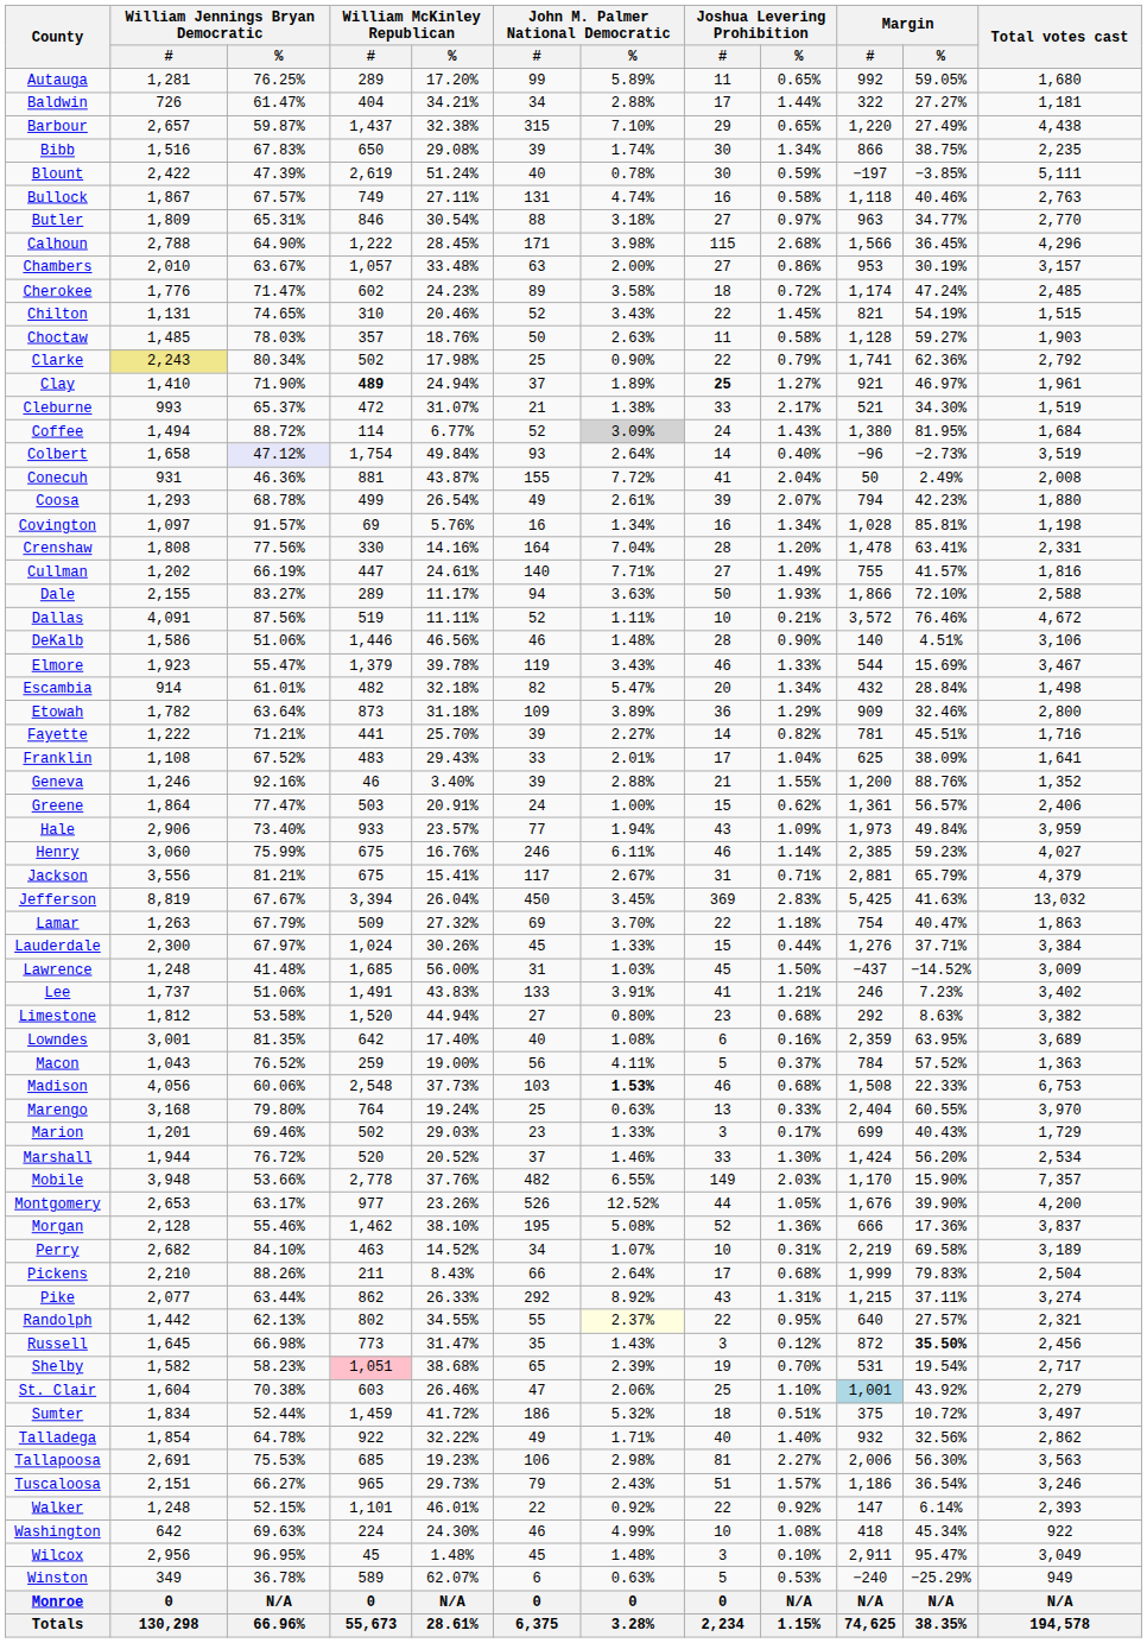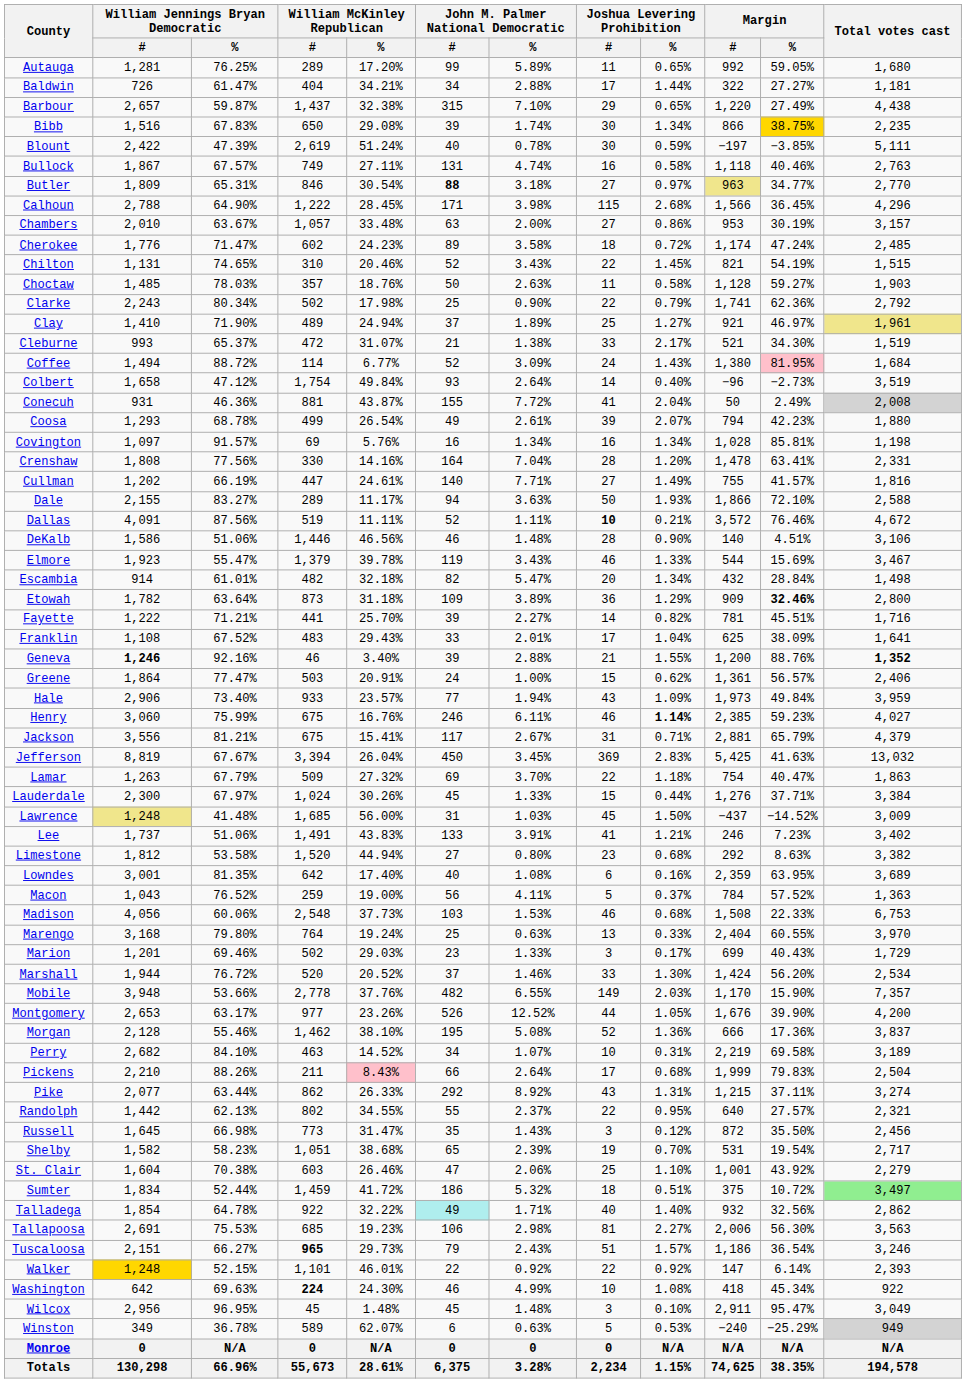 <table width="65%"  class="wikitable sortable" style="text-align:center">
 <tr>
 <th colspan="1" rowspan="2">County</th>
 <th style="text-align:center;" colspan="2">William Jennings Bryan<br>Democratic</th>
 <th style="text-align:centre;" colspan="2">William McKinley<br>Republican</th>
 <th style="text-align:center;" colspan="2">John M. Palmer<br>National Democratic</th>
 <th style="text-align:center;" colspan="2">Joshua Levering<br>Prohibition</th>
 <th style="text-align:center;" colspan="2">Margin</th>
 <th colspan="1" rowspan="2" style="text-align:center;">Total votes cast</th>
 </tr>
 <tr>
 <th style="text-align:center;" data-sort-type="number">#</th>
 <th style="text-align:center;" data-sort-type="number">%</th>
 <th style="text-align:center;" data-sort-type="number">#</th>
 <th style="text-align:center;" data-sort-type="number">%</th>
 <th style="text-align:center;" data-sort-type="number">#</th>
 <th style="text-align:center;" data-sort-type="number">%</th>
 <th style="text-align:center;" data-sort-type="number">#</th>
 <th style="text-align:center;" data-sort-type="number">%</th>
 <th style="text-align:center;" data-sort-type="number">#</th>
 <th style="text-align:center;" data-sort-type="number">%</th>
 </tr>
 <tr style="text-align:center;">
 <td><a href='#'>Autauga</a></td>
 <td>1,281</td>
 <td>76.25%</td>
 <td>289</td>
 <td>17.20%</td>
 <td>99</td>
 <td>5.89%</td>
 <td>11</td>
 <td>0.65%</td>
 <td>992</td>
 <td>59.05%</td>
 <td>1,680</td>
 </tr>
 <tr style="text-align:center;">
 <td><a href='#'>Baldwin</a></td>
 <td>726</td>
 <td>61.47%</td>
 <td>404</td>
 <td>34.21%</td>
 <td>34</td>
 <td>2.88%</td>
 <td>17</td>
 <td>1.44%</td>
 <td>322</td>
 <td>27.27%</td>
 <td>1,181</td>
 </tr>
 <tr style="text-align:center;">
 <td><a href='#'>Barbour</a></td>
 <td>2,657</td>
 <td>59.87%</td>
 <td>1,437</td>
 <td>32.38%</td>
 <td>315</td>
 <td>7.10%</td>
 <td>29</td>
 <td>0.65%</td>
 <td>1,220</td>
 <td>27.49%</td>
 <td>4,438</td>
 </tr>
 <tr style="text-align:center;">
 <td><a href='#'>Bibb</a></td>
 <td>1,516</td>
 <td>67.83%</td>
 <td>650</td>
 <td>29.08%</td>
 <td>39</td>
 <td>1.74%</td>
 <td>30</td>
 <td>1.34%</td>
 <td>866</td>
-<td>38.75%</td>
+<td style="background: gold;">38.75%</td>
 <td>2,235</td>
 </tr>
 <tr style="text-align:center;">
 <td><a href='#'>Blount</a></td>
 <td>2,422</td>
 <td>47.39%</td>
 <td>2,619</td>
 <td>51.24%</td>
 <td>40</td>
 <td>0.78%</td>
 <td>30</td>
 <td>0.59%</td>
 <td>−197</td>
 <td>−3.85%</td>
 <td>5,111</td>
 </tr>
 <tr style="text-align:center;">
 <td><a href='#'>Bullock</a></td>
 <td>1,867</td>
 <td>67.57%</td>
 <td>749</td>
 <td>27.11%</td>
 <td>131</td>
 <td>4.74%</td>
 <td>16</td>
 <td>0.58%</td>
 <td>1,118</td>
 <td>40.46%</td>
 <td>2,763</td>
 </tr>
 <tr style="text-align:center;">
 <td><a href='#'>Butler</a></td>
 <td>1,809</td>
 <td>65.31%</td>
 <td>846</td>
 <td>30.54%</td>
-<td>88</td>
+<td><strong>88</strong></td>
 <td>3.18%</td>
 <td>27</td>
 <td>0.97%</td>
-<td>963</td>
+<td style="background: khaki;">963</td>
 <td>34.77%</td>
 <td>2,770</td>
 </tr>
 <tr style="text-align:center;">
 <td><a href='#'>Calhoun</a></td>
 <td>2,788</td>
 <td>64.90%</td>
 <td>1,222</td>
 <td>28.45%</td>
 <td>171</td>
 <td>3.98%</td>
 <td>115</td>
 <td>2.68%</td>
 <td>1,566</td>
 <td>36.45%</td>
 <td>4,296</td>
 </tr>
 <tr style="text-align:center;">
 <td><a href='#'>Chambers</a></td>
 <td>2,010</td>
 <td>63.67%</td>
 <td>1,057</td>
 <td>33.48%</td>
 <td>63</td>
 <td>2.00%</td>
 <td>27</td>
 <td>0.86%</td>
 <td>953</td>
 <td>30.19%</td>
 <td>3,157</td>
 </tr>
 <tr style="text-align:center;">
 <td><a href='#'>Cherokee</a></td>
 <td>1,776</td>
 <td>71.47%</td>
 <td>602</td>
 <td>24.23%</td>
 <td>89</td>
 <td>3.58%</td>
 <td>18</td>
 <td>0.72%</td>
 <td>1,174</td>
 <td>47.24%</td>
 <td>2,485</td>
 </tr>
 <tr style="text-align:center;">
 <td><a href='#'>Chilton</a></td>
 <td>1,131</td>
 <td>74.65%</td>
 <td>310</td>
 <td>20.46%</td>
 <td>52</td>
 <td>3.43%</td>
 <td>22</td>
 <td>1.45%</td>
 <td>821</td>
 <td>54.19%</td>
 <td>1,515</td>
 </tr>
 <tr style="text-align:center;">
 <td><a href='#'>Choctaw</a></td>
 <td>1,485</td>
 <td>78.03%</td>
 <td>357</td>
 <td>18.76%</td>
 <td>50</td>
 <td>2.63%</td>
 <td>11</td>
 <td>0.58%</td>
 <td>1,128</td>
 <td>59.27%</td>
 <td>1,903</td>
 </tr>
 <tr style="text-align:center;">
 <td><a href='#'>Clarke</a></td>
-<td style="background: khaki;">2,243</td>
+<td>2,243</td>
 <td>80.34%</td>
 <td>502</td>
 <td>17.98%</td>
 <td>25</td>
 <td>0.90%</td>
 <td>22</td>
 <td>0.79%</td>
 <td>1,741</td>
 <td>62.36%</td>
 <td>2,792</td>
 </tr>
 <tr style="text-align:center;">
 <td><a href='#'>Clay</a></td>
 <td>1,410</td>
 <td>71.90%</td>
-<td><strong>489</strong></td>
+<td>489</td>
 <td>24.94%</td>
 <td>37</td>
 <td>1.89%</td>
-<td><strong>25</strong></td>
+<td>25</td>
 <td>1.27%</td>
 <td>921</td>
 <td>46.97%</td>
-<td>1,961</td>
+<td style="background: khaki;">1,961</td>
 </tr>
 <tr style="text-align:center;">
 <td><a href='#'>Cleburne</a></td>
 <td>993</td>
 <td>65.37%</td>
 <td>472</td>
 <td>31.07%</td>
 <td>21</td>
 <td>1.38%</td>
 <td>33</td>
 <td>2.17%</td>
 <td>521</td>
 <td>34.30%</td>
 <td>1,519</td>
 </tr>
 <tr style="text-align:center;">
 <td><a href='#'>Coffee</a></td>
 <td>1,494</td>
 <td>88.72%</td>
 <td>114</td>
 <td>6.77%</td>
 <td>52</td>
-<td style="background: lightgrey;">3.09%</td>
+<td>3.09%</td>
 <td>24</td>
 <td>1.43%</td>
 <td>1,380</td>
-<td>81.95%</td>
+<td style="background: pink;">81.95%</td>
 <td>1,684</td>
 </tr>
 <tr style="text-align:center;">
 <td><a href='#'>Colbert</a></td>
 <td>1,658</td>
-<td style="background: lavender;">47.12%</td>
+<td>47.12%</td>
 <td>1,754</td>
 <td>49.84%</td>
 <td>93</td>
 <td>2.64%</td>
 <td>14</td>
 <td>0.40%</td>
 <td>−96</td>
 <td>−2.73%</td>
 <td>3,519</td>
 </tr>
 <tr style="text-align:center;">
 <td><a href='#'>Conecuh</a></td>
 <td>931</td>
 <td>46.36%</td>
 <td>881</td>
 <td>43.87%</td>
 <td>155</td>
 <td>7.72%</td>
 <td>41</td>
 <td>2.04%</td>
 <td>50</td>
 <td>2.49%</td>
-<td>2,008</td>
+<td style="background: lightgrey;">2,008</td>
 </tr>
 <tr style="text-align:center;">
 <td><a href='#'>Coosa</a></td>
 <td>1,293</td>
 <td>68.78%</td>
 <td>499</td>
 <td>26.54%</td>
 <td>49</td>
 <td>2.61%</td>
 <td>39</td>
 <td>2.07%</td>
 <td>794</td>
 <td>42.23%</td>
 <td>1,880</td>
 </tr>
 <tr style="text-align:center;">
 <td><a href='#'>Covington</a></td>
 <td>1,097</td>
 <td>91.57%</td>
 <td>69</td>
 <td>5.76%</td>
 <td>16</td>
 <td>1.34%</td>
 <td>16</td>
 <td>1.34%</td>
 <td>1,028</td>
 <td>85.81%</td>
 <td>1,198</td>
 </tr>
 <tr style="text-align:center;">
 <td><a href='#'>Crenshaw</a></td>
 <td>1,808</td>
 <td>77.56%</td>
 <td>330</td>
 <td>14.16%</td>
 <td>164</td>
 <td>7.04%</td>
 <td>28</td>
 <td>1.20%</td>
 <td>1,478</td>
 <td>63.41%</td>
 <td>2,331</td>
 </tr>
 <tr style="text-align:center;">
 <td><a href='#'>Cullman</a></td>
 <td>1,202</td>
 <td>66.19%</td>
 <td>447</td>
 <td>24.61%</td>
 <td>140</td>
 <td>7.71%</td>
 <td>27</td>
 <td>1.49%</td>
 <td>755</td>
 <td>41.57%</td>
 <td>1,816</td>
 </tr>
 <tr style="text-align:center;">
 <td><a href='#'>Dale</a></td>
 <td>2,155</td>
 <td>83.27%</td>
 <td>289</td>
 <td>11.17%</td>
 <td>94</td>
 <td>3.63%</td>
 <td>50</td>
 <td>1.93%</td>
 <td>1,866</td>
 <td>72.10%</td>
 <td>2,588</td>
 </tr>
 <tr style="text-align:center;">
 <td><a href='#'>Dallas</a></td>
 <td>4,091</td>
 <td>87.56%</td>
 <td>519</td>
 <td>11.11%</td>
 <td>52</td>
 <td>1.11%</td>
-<td>10</td>
+<td><strong>10</strong></td>
 <td>0.21%</td>
 <td>3,572</td>
 <td>76.46%</td>
 <td>4,672</td>
 </tr>
 <tr style="text-align:center;">
 <td><a href='#'>DeKalb</a></td>
 <td>1,586</td>
 <td>51.06%</td>
 <td>1,446</td>
 <td>46.56%</td>
 <td>46</td>
 <td>1.48%</td>
 <td>28</td>
 <td>0.90%</td>
 <td>140</td>
 <td>4.51%</td>
 <td>3,106</td>
 </tr>
 <tr style="text-align:center;">
 <td><a href='#'>Elmore</a></td>
 <td>1,923</td>
 <td>55.47%</td>
 <td>1,379</td>
 <td>39.78%</td>
 <td>119</td>
 <td>3.43%</td>
 <td>46</td>
 <td>1.33%</td>
 <td>544</td>
 <td>15.69%</td>
 <td>3,467</td>
 </tr>
 <tr style="text-align:center;">
 <td><a href='#'>Escambia</a></td>
 <td>914</td>
 <td>61.01%</td>
 <td>482</td>
 <td>32.18%</td>
 <td>82</td>
 <td>5.47%</td>
 <td>20</td>
 <td>1.34%</td>
 <td>432</td>
 <td>28.84%</td>
 <td>1,498</td>
 </tr>
 <tr style="text-align:center;">
 <td><a href='#'>Etowah</a></td>
 <td>1,782</td>
 <td>63.64%</td>
 <td>873</td>
 <td>31.18%</td>
 <td>109</td>
 <td>3.89%</td>
 <td>36</td>
 <td>1.29%</td>
 <td>909</td>
-<td>32.46%</td>
+<td><strong>32.46%</strong></td>
 <td>2,800</td>
 </tr>
 <tr style="text-align:center;">
 <td><a href='#'>Fayette</a></td>
 <td>1,222</td>
 <td>71.21%</td>
 <td>441</td>
 <td>25.70%</td>
 <td>39</td>
 <td>2.27%</td>
 <td>14</td>
 <td>0.82%</td>
 <td>781</td>
 <td>45.51%</td>
 <td>1,716</td>
 </tr>
 <tr style="text-align:center;">
 <td><a href='#'>Franklin</a></td>
 <td>1,108</td>
 <td>67.52%</td>
 <td>483</td>
 <td>29.43%</td>
 <td>33</td>
 <td>2.01%</td>
 <td>17</td>
 <td>1.04%</td>
 <td>625</td>
 <td>38.09%</td>
 <td>1,641</td>
 </tr>
 <tr style="text-align:center;">
 <td><a href='#'>Geneva</a></td>
-<td>1,246</td>
+<td><strong>1,246</strong></td>
 <td>92.16%</td>
 <td>46</td>
 <td>3.40%</td>
 <td>39</td>
 <td>2.88%</td>
 <td>21</td>
 <td>1.55%</td>
 <td>1,200</td>
 <td>88.76%</td>
-<td>1,352</td>
+<td><strong>1,352</strong></td>
 </tr>
 <tr style="text-align:center;">
 <td><a href='#'>Greene</a></td>
 <td>1,864</td>
 <td>77.47%</td>
 <td>503</td>
 <td>20.91%</td>
 <td>24</td>
 <td>1.00%</td>
 <td>15</td>
 <td>0.62%</td>
 <td>1,361</td>
 <td>56.57%</td>
 <td>2,406</td>
 </tr>
 <tr style="text-align:center;">
 <td><a href='#'>Hale</a></td>
 <td>2,906</td>
 <td>73.40%</td>
 <td>933</td>
 <td>23.57%</td>
 <td>77</td>
 <td>1.94%</td>
 <td>43</td>
 <td>1.09%</td>
 <td>1,973</td>
 <td>49.84%</td>
 <td>3,959</td>
 </tr>
 <tr style="text-align:center;">
 <td><a href='#'>Henry</a></td>
 <td>3,060</td>
 <td>75.99%</td>
 <td>675</td>
 <td>16.76%</td>
 <td>246</td>
 <td>6.11%</td>
 <td>46</td>
-<td>1.14%</td>
+<td><strong>1.14%</strong></td>
 <td>2,385</td>
 <td>59.23%</td>
 <td>4,027</td>
 </tr>
 <tr style="text-align:center;">
 <td><a href='#'>Jackson</a></td>
 <td>3,556</td>
 <td>81.21%</td>
 <td>675</td>
 <td>15.41%</td>
 <td>117</td>
 <td>2.67%</td>
 <td>31</td>
 <td>0.71%</td>
 <td>2,881</td>
 <td>65.79%</td>
 <td>4,379</td>
 </tr>
 <tr style="text-align:center;">
 <td><a href='#'>Jefferson</a></td>
 <td>8,819</td>
 <td>67.67%</td>
 <td>3,394</td>
 <td>26.04%</td>
 <td>450</td>
 <td>3.45%</td>
 <td>369</td>
 <td>2.83%</td>
 <td>5,425</td>
 <td>41.63%</td>
 <td>13,032</td>
 </tr>
 <tr style="text-align:center;">
 <td><a href='#'>Lamar</a></td>
 <td>1,263</td>
 <td>67.79%</td>
 <td>509</td>
 <td>27.32%</td>
 <td>69</td>
 <td>3.70%</td>
 <td>22</td>
 <td>1.18%</td>
 <td>754</td>
 <td>40.47%</td>
 <td>1,863</td>
 </tr>
 <tr style="text-align:center;">
 <td><a href='#'>Lauderdale</a></td>
 <td>2,300</td>
 <td>67.97%</td>
 <td>1,024</td>
 <td>30.26%</td>
 <td>45</td>
 <td>1.33%</td>
 <td>15</td>
 <td>0.44%</td>
 <td>1,276</td>
 <td>37.71%</td>
 <td>3,384</td>
 </tr>
 <tr style="text-align:center;">
 <td><a href='#'>Lawrence</a></td>
-<td>1,248</td>
+<td style="background: khaki;">1,248</td>
 <td>41.48%</td>
 <td>1,685</td>
 <td>56.00%</td>
 <td>31</td>
 <td>1.03%</td>
 <td>45</td>
 <td>1.50%</td>
 <td>−437</td>
 <td>−14.52%</td>
 <td>3,009</td>
 </tr>
 <tr style="text-align:center;">
 <td><a href='#'>Lee</a></td>
 <td>1,737</td>
 <td>51.06%</td>
 <td>1,491</td>
 <td>43.83%</td>
 <td>133</td>
 <td>3.91%</td>
 <td>41</td>
 <td>1.21%</td>
 <td>246</td>
 <td>7.23%</td>
 <td>3,402</td>
 </tr>
 <tr style="text-align:center;">
 <td><a href='#'>Limestone</a></td>
 <td>1,812</td>
 <td>53.58%</td>
 <td>1,520</td>
 <td>44.94%</td>
 <td>27</td>
 <td>0.80%</td>
 <td>23</td>
 <td>0.68%</td>
 <td>292</td>
 <td>8.63%</td>
 <td>3,382</td>
 </tr>
 <tr style="text-align:center;">
 <td><a href='#'>Lowndes</a></td>
 <td>3,001</td>
 <td>81.35%</td>
 <td>642</td>
 <td>17.40%</td>
 <td>40</td>
 <td>1.08%</td>
 <td>6</td>
 <td>0.16%</td>
 <td>2,359</td>
 <td>63.95%</td>
 <td>3,689</td>
 </tr>
 <tr style="text-align:center;">
 <td><a href='#'>Macon</a></td>
 <td>1,043</td>
 <td>76.52%</td>
 <td>259</td>
 <td>19.00%</td>
 <td>56</td>
 <td>4.11%</td>
 <td>5</td>
 <td>0.37%</td>
 <td>784</td>
 <td>57.52%</td>
 <td>1,363</td>
 </tr>
 <tr style="text-align:center;">
 <td><a href='#'>Madison</a></td>
 <td>4,056</td>
 <td>60.06%</td>
 <td>2,548</td>
 <td>37.73%</td>
 <td>103</td>
-<td><strong>1.53%</strong></td>
+<td>1.53%</td>
 <td>46</td>
 <td>0.68%</td>
 <td>1,508</td>
 <td>22.33%</td>
 <td>6,753</td>
 </tr>
 <tr style="text-align:center;">
 <td><a href='#'>Marengo</a></td>
 <td>3,168</td>
 <td>79.80%</td>
 <td>764</td>
 <td>19.24%</td>
 <td>25</td>
 <td>0.63%</td>
 <td>13</td>
 <td>0.33%</td>
 <td>2,404</td>
 <td>60.55%</td>
 <td>3,970</td>
 </tr>
 <tr style="text-align:center;">
 <td><a href='#'>Marion</a></td>
 <td>1,201</td>
 <td>69.46%</td>
 <td>502</td>
 <td>29.03%</td>
 <td>23</td>
 <td>1.33%</td>
 <td>3</td>
 <td>0.17%</td>
 <td>699</td>
 <td>40.43%</td>
 <td>1,729</td>
 </tr>
 <tr style="text-align:center;">
 <td><a href='#'>Marshall</a></td>
 <td>1,944</td>
 <td>76.72%</td>
 <td>520</td>
 <td>20.52%</td>
 <td>37</td>
 <td>1.46%</td>
 <td>33</td>
 <td>1.30%</td>
 <td>1,424</td>
 <td>56.20%</td>
 <td>2,534</td>
 </tr>
 <tr style="text-align:center;">
 <td><a href='#'>Mobile</a></td>
 <td>3,948</td>
 <td>53.66%</td>
 <td>2,778</td>
 <td>37.76%</td>
 <td>482</td>
 <td>6.55%</td>
 <td>149</td>
 <td>2.03%</td>
 <td>1,170</td>
 <td>15.90%</td>
 <td>7,357</td>
 </tr>
 <tr style="text-align:center;">
 <td><a href='#'>Montgomery</a></td>
 <td>2,653</td>
 <td>63.17%</td>
 <td>977</td>
 <td>23.26%</td>
 <td>526</td>
 <td>12.52%</td>
 <td>44</td>
 <td>1.05%</td>
 <td>1,676</td>
 <td>39.90%</td>
 <td>4,200</td>
 </tr>
 <tr style="text-align:center;">
 <td><a href='#'>Morgan</a></td>
 <td>2,128</td>
 <td>55.46%</td>
 <td>1,462</td>
 <td>38.10%</td>
 <td>195</td>
 <td>5.08%</td>
 <td>52</td>
 <td>1.36%</td>
 <td>666</td>
 <td>17.36%</td>
 <td>3,837</td>
 </tr>
 <tr style="text-align:center;">
 <td><a href='#'>Perry</a></td>
 <td>2,682</td>
 <td>84.10%</td>
 <td>463</td>
 <td>14.52%</td>
 <td>34</td>
 <td>1.07%</td>
 <td>10</td>
 <td>0.31%</td>
 <td>2,219</td>
 <td>69.58%</td>
 <td>3,189</td>
 </tr>
 <tr style="text-align:center;">
 <td><a href='#'>Pickens</a></td>
 <td>2,210</td>
 <td>88.26%</td>
 <td>211</td>
-<td>8.43%</td>
+<td style="background: pink;">8.43%</td>
 <td>66</td>
 <td>2.64%</td>
 <td>17</td>
 <td>0.68%</td>
 <td>1,999</td>
 <td>79.83%</td>
 <td>2,504</td>
 </tr>
 <tr style="text-align:center;">
 <td><a href='#'>Pike</a></td>
 <td>2,077</td>
 <td>63.44%</td>
 <td>862</td>
 <td>26.33%</td>
 <td>292</td>
 <td>8.92%</td>
 <td>43</td>
 <td>1.31%</td>
 <td>1,215</td>
 <td>37.11%</td>
 <td>3,274</td>
 </tr>
 <tr style="text-align:center;">
 <td><a href='#'>Randolph</a></td>
 <td>1,442</td>
 <td>62.13%</td>
 <td>802</td>
 <td>34.55%</td>
 <td>55</td>
-<td style="background: lightyellow;">2.37%</td>
+<td>2.37%</td>
 <td>22</td>
 <td>0.95%</td>
 <td>640</td>
 <td>27.57%</td>
 <td>2,321</td>
 </tr>
 <tr style="text-align:center;">
 <td><a href='#'>Russell</a></td>
 <td>1,645</td>
 <td>66.98%</td>
 <td>773</td>
 <td>31.47%</td>
 <td>35</td>
 <td>1.43%</td>
 <td>3</td>
 <td>0.12%</td>
 <td>872</td>
-<td><strong>35.50%</strong></td>
+<td>35.50%</td>
 <td>2,456</td>
 </tr>
 <tr style="text-align:center;">
 <td><a href='#'>Shelby</a></td>
 <td>1,582</td>
 <td>58.23%</td>
-<td style="background: pink;">1,051</td>
+<td>1,051</td>
 <td>38.68%</td>
 <td>65</td>
 <td>2.39%</td>
 <td>19</td>
 <td>0.70%</td>
 <td>531</td>
 <td>19.54%</td>
 <td>2,717</td>
 </tr>
 <tr style="text-align:center;">
 <td><a href='#'>St. Clair</a></td>
 <td>1,604</td>
 <td>70.38%</td>
 <td>603</td>
 <td>26.46%</td>
 <td>47</td>
 <td>2.06%</td>
 <td>25</td>
 <td>1.10%</td>
-<td style="background: lightblue;">1,001</td>
+<td>1,001</td>
 <td>43.92%</td>
 <td>2,279</td>
 </tr>
 <tr style="text-align:center;">
 <td><a href='#'>Sumter</a></td>
 <td>1,834</td>
 <td>52.44%</td>
 <td>1,459</td>
 <td>41.72%</td>
 <td>186</td>
 <td>5.32%</td>
 <td>18</td>
 <td>0.51%</td>
 <td>375</td>
 <td>10.72%</td>
-<td>3,497</td>
+<td style="background: lightgreen;">3,497</td>
 </tr>
 <tr style="text-align:center;">
 <td><a href='#'>Talladega</a></td>
 <td>1,854</td>
 <td>64.78%</td>
 <td>922</td>
 <td>32.22%</td>
-<td>49</td>
+<td style="background: paleturquoise;">49</td>
 <td>1.71%</td>
 <td>40</td>
 <td>1.40%</td>
 <td>932</td>
 <td>32.56%</td>
 <td>2,862</td>
 </tr>
 <tr style="text-align:center;">
 <td><a href='#'>Tallapoosa</a></td>
 <td>2,691</td>
 <td>75.53%</td>
 <td>685</td>
 <td>19.23%</td>
 <td>106</td>
 <td>2.98%</td>
 <td>81</td>
 <td>2.27%</td>
 <td>2,006</td>
 <td>56.30%</td>
 <td>3,563</td>
 </tr>
 <tr style="text-align:center;">
 <td><a href='#'>Tuscaloosa</a></td>
 <td>2,151</td>
 <td>66.27%</td>
-<td>965</td>
+<td><strong>965</strong></td>
 <td>29.73%</td>
 <td>79</td>
 <td>2.43%</td>
 <td>51</td>
 <td>1.57%</td>
 <td>1,186</td>
 <td>36.54%</td>
 <td>3,246</td>
 </tr>
 <tr style="text-align:center;">
 <td><a href='#'>Walker</a></td>
-<td>1,248</td>
+<td style="background: gold;">1,248</td>
 <td>52.15%</td>
 <td>1,101</td>
 <td>46.01%</td>
 <td>22</td>
 <td>0.92%</td>
 <td>22</td>
 <td>0.92%</td>
 <td>147</td>
 <td>6.14%</td>
 <td>2,393</td>
 </tr>
 <tr style="text-align:center;">
 <td><a href='#'>Washington</a></td>
 <td>642</td>
 <td>69.63%</td>
-<td>224</td>
+<td><strong>224</strong></td>
 <td>24.30%</td>
 <td>46</td>
 <td>4.99%</td>
 <td>10</td>
 <td>1.08%</td>
 <td>418</td>
 <td>45.34%</td>
 <td>922</td>
 </tr>
 <tr style="text-align:center;">
 <td><a href='#'>Wilcox</a></td>
 <td>2,956</td>
 <td>96.95%</td>
 <td>45</td>
 <td>1.48%</td>
 <td>45</td>
 <td>1.48%</td>
 <td>3</td>
 <td>0.10%</td>
 <td>2,911</td>
 <td>95.47%</td>
 <td>3,049</td>
 </tr>
 <tr style="text-align:center;">
 <td><a href='#'>Winston</a></td>
 <td>349</td>
 <td>36.78%</td>
 <td>589</td>
 <td>62.07%</td>
 <td>6</td>
 <td>0.63%</td>
 <td>5</td>
 <td>0.53%</td>
 <td>−240</td>
 <td>−25.29%</td>
-<td>949</td>
+<td style="background: lightgrey;">949</td>
 </tr>
 <tr style="text-align:center;">
 <th><a href='#'>Monroe</a></th>
 <th>0</th>
 <th>N/A</th>
 <th>0</th>
 <th>N/A</th>
 <th>0</th>
 <th>0</th>
 <th>0</th>
 <th>N/A</th>
 <th>N/A</th>
 <th>N/A</th>
 <th>N/A</th>
 </tr>
 <tr style="text-align:center;">
 <th>Totals</th>
 <th>130,298</th>
 <th>66.96%</th>
 <th>55,673</th>
 <th>28.61%</th>
 <th>6,375</th>
 <th>3.28%</th>
 <th>2,234</th>
 <th>1.15%</th>
 <th>74,625</th>
 <th>38.35%</th>
 <th>194,578</th>
 </tr>
 </table>
